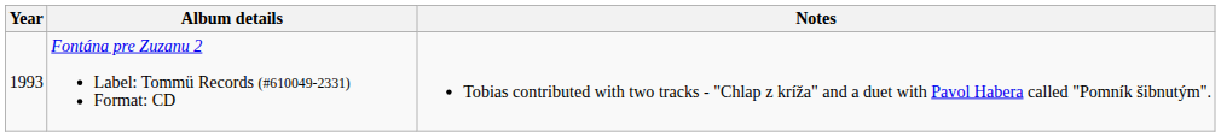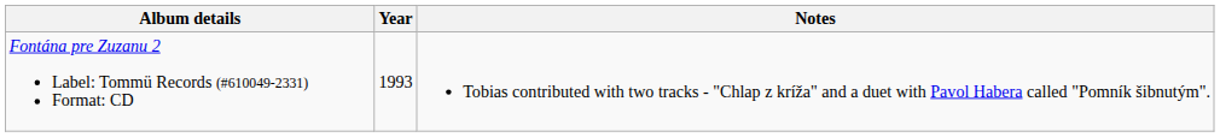 <table class="wikitable" style="text-align:center;">
 <tr>
+<th width="340">Album details</th>
 <th width="1">Year</th>
-<th width="340">Album details</th>
 <th>Notes</th>
 </tr>
 <tr>
+<td align="left"><em><a href='#'>Fontána pre Zuzanu 2</a></em><br><ul><li>Label: Tommü Records <small>(#610049-2331)</small></li><li>Format: CD</li></ul></td>
 <td>1993</td>
-<td align="left"><em><a href='#'>Fontána pre Zuzanu 2</a></em><br><ul><li>Label: Tommü Records <small>(#610049-2331)</small></li><li>Format: CD</li></ul></td>
 <td><br><ul><li>Tobias contributed with two tracks - "Chlap z kríža" and a duet with <a href='#'>Pavol Habera</a> called "Pomník šibnutým".</li></ul></td>
 </tr>
 </table>
